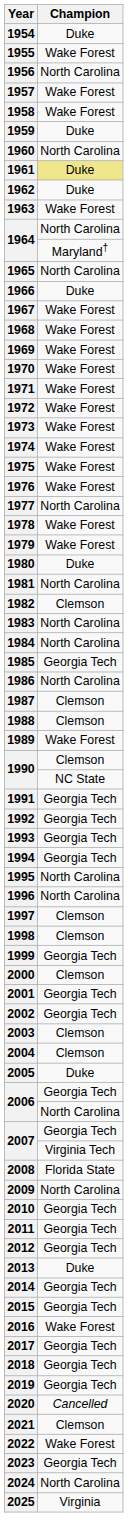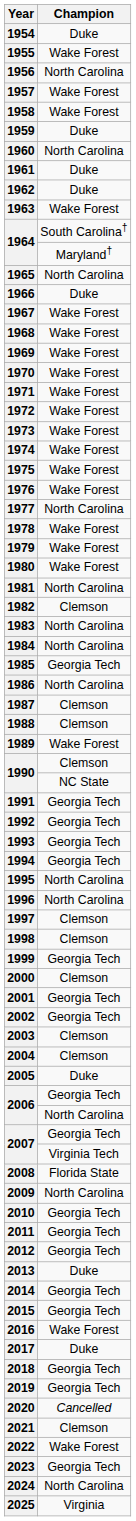 <table class="wikitable" style="text-align: center;">
 <tr>
 <th>Year</th>
 <th>Champion</th>
 </tr>
 <tr>
 <th>1954</th>
 <td>Duke</td>
 </tr>
 <tr>
 <th>1955</th>
 <td>Wake Forest</td>
 </tr>
 <tr>
 <th>1956</th>
 <td>North Carolina</td>
 </tr>
 <tr>
 <th>1957</th>
 <td>Wake Forest</td>
 </tr>
 <tr>
 <th>1958</th>
 <td>Wake Forest</td>
 </tr>
 <tr>
 <th>1959</th>
 <td>Duke</td>
 </tr>
 <tr>
 <th>1960</th>
 <td>North Carolina</td>
 </tr>
 <tr>
 <th>1961</th>
-<td style="background: khaki;">Duke</td>
+<td>Duke</td>
 </tr>
 <tr>
 <th>1962</th>
 <td>Duke</td>
 </tr>
 <tr>
 <th>1963</th>
 <td>Wake Forest</td>
 </tr>
 <tr>
 <th rowspan="2">1964</th>
-<td>North Carolina</td>
+<td>South Carolina<sup>†</sup></td>
 </tr>
 <tr>
 <td>Maryland<sup>†</sup></td>
 </tr>
 <tr>
 <th>1965</th>
 <td>North Carolina</td>
 </tr>
 <tr>
 <th>1966</th>
 <td>Duke</td>
 </tr>
 <tr>
 <th>1967</th>
 <td>Wake Forest</td>
 </tr>
 <tr>
 <th>1968</th>
 <td>Wake Forest</td>
 </tr>
 <tr>
 <th>1969</th>
 <td>Wake Forest</td>
 </tr>
 <tr>
 <th>1970</th>
 <td>Wake Forest</td>
 </tr>
 <tr>
 <th>1971</th>
 <td>Wake Forest</td>
 </tr>
 <tr>
 <th>1972</th>
 <td>Wake Forest</td>
 </tr>
 <tr>
 <th>1973</th>
 <td>Wake Forest</td>
 </tr>
 <tr>
 <th>1974</th>
 <td>Wake Forest</td>
 </tr>
 <tr>
 <th>1975</th>
 <td>Wake Forest</td>
 </tr>
 <tr>
 <th>1976</th>
 <td>Wake Forest</td>
 </tr>
 <tr>
 <th>1977</th>
 <td>North Carolina</td>
 </tr>
 <tr>
 <th>1978</th>
 <td>Wake Forest</td>
 </tr>
 <tr>
 <th>1979</th>
 <td>Wake Forest</td>
 </tr>
 <tr>
 <th>1980</th>
-<td>Duke</td>
+<td>Wake Forest</td>
 </tr>
 <tr>
 <th>1981</th>
 <td>North Carolina</td>
 </tr>
 <tr>
 <th>1982</th>
 <td>Clemson</td>
 </tr>
 <tr>
 <th>1983</th>
 <td>North Carolina</td>
 </tr>
 <tr>
 <th>1984</th>
 <td>North Carolina</td>
 </tr>
 <tr>
 <th>1985</th>
 <td>Georgia Tech</td>
 </tr>
 <tr>
 <th>1986</th>
 <td>North Carolina</td>
 </tr>
 <tr>
 <th>1987</th>
 <td>Clemson</td>
 </tr>
 <tr>
 <th>1988</th>
 <td>Clemson</td>
 </tr>
 <tr>
 <th>1989</th>
 <td>Wake Forest</td>
 </tr>
 <tr>
 <th rowspan="2">1990</th>
 <td>Clemson</td>
 </tr>
 <tr>
 <td>NC State</td>
 </tr>
 <tr>
 <th>1991</th>
 <td>Georgia Tech</td>
 </tr>
 <tr>
 <th>1992</th>
 <td>Georgia Tech</td>
 </tr>
 <tr>
 <th>1993</th>
 <td>Georgia Tech</td>
 </tr>
 <tr>
 <th>1994</th>
 <td>Georgia Tech</td>
 </tr>
 <tr>
 <th>1995</th>
 <td>North Carolina</td>
 </tr>
 <tr>
 <th>1996</th>
 <td>North Carolina</td>
 </tr>
 <tr>
 <th>1997</th>
 <td>Clemson</td>
 </tr>
 <tr>
 <th>1998</th>
 <td>Clemson</td>
 </tr>
 <tr>
 <th>1999</th>
 <td>Georgia Tech</td>
 </tr>
 <tr>
 <th>2000</th>
 <td>Clemson</td>
 </tr>
 <tr>
 <th>2001</th>
 <td>Georgia Tech</td>
 </tr>
 <tr>
 <th>2002</th>
 <td>Georgia Tech</td>
 </tr>
 <tr>
 <th>2003</th>
 <td>Clemson</td>
 </tr>
 <tr>
 <th>2004</th>
 <td>Clemson</td>
 </tr>
 <tr>
 <th>2005</th>
 <td>Duke</td>
 </tr>
 <tr>
 <th rowspan="2">2006</th>
 <td>Georgia Tech</td>
 </tr>
 <tr>
 <td>North Carolina</td>
 </tr>
 <tr>
 <th rowspan="2">2007</th>
 <td>Georgia Tech</td>
 </tr>
 <tr>
 <td>Virginia Tech</td>
 </tr>
 <tr>
 <th>2008</th>
 <td>Florida State</td>
 </tr>
 <tr>
 <th>2009</th>
 <td>North Carolina</td>
 </tr>
 <tr>
 <th>2010</th>
 <td>Georgia Tech</td>
 </tr>
 <tr>
 <th>2011</th>
 <td>Georgia Tech</td>
 </tr>
 <tr>
 <th>2012</th>
 <td>Georgia Tech</td>
 </tr>
 <tr>
 <th>2013</th>
 <td>Duke</td>
 </tr>
 <tr>
 <th>2014</th>
 <td>Georgia Tech</td>
 </tr>
 <tr>
 <th>2015</th>
 <td>Georgia Tech</td>
 </tr>
 <tr>
 <th>2016</th>
 <td>Wake Forest</td>
 </tr>
 <tr>
 <th>2017</th>
-<td>Georgia Tech</td>
+<td>Duke</td>
 </tr>
 <tr>
 <th>2018</th>
 <td>Georgia Tech</td>
 </tr>
 <tr>
 <th>2019</th>
 <td>Georgia Tech</td>
 </tr>
 <tr>
 <th>2020</th>
 <td><em>Cancelled</em></td>
 </tr>
 <tr>
 <th>2021</th>
 <td>Clemson</td>
 </tr>
 <tr>
 <th>2022</th>
 <td>Wake Forest</td>
 </tr>
 <tr>
 <th>2023</th>
 <td>Georgia Tech</td>
 </tr>
 <tr>
 <th>2024</th>
 <td>North Carolina</td>
 </tr>
 <tr>
 <th>2025</th>
 <td>Virginia</td>
 </tr>
 </table>
